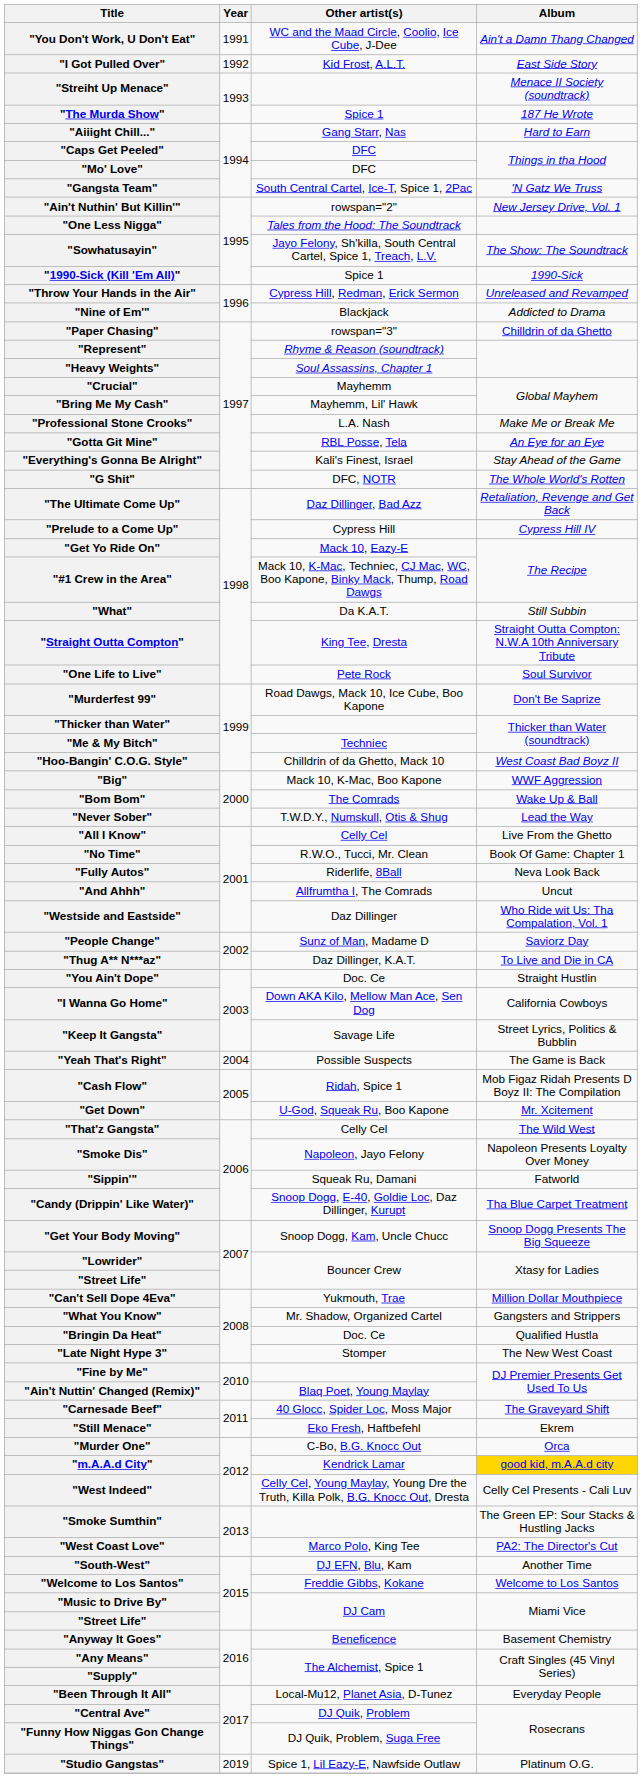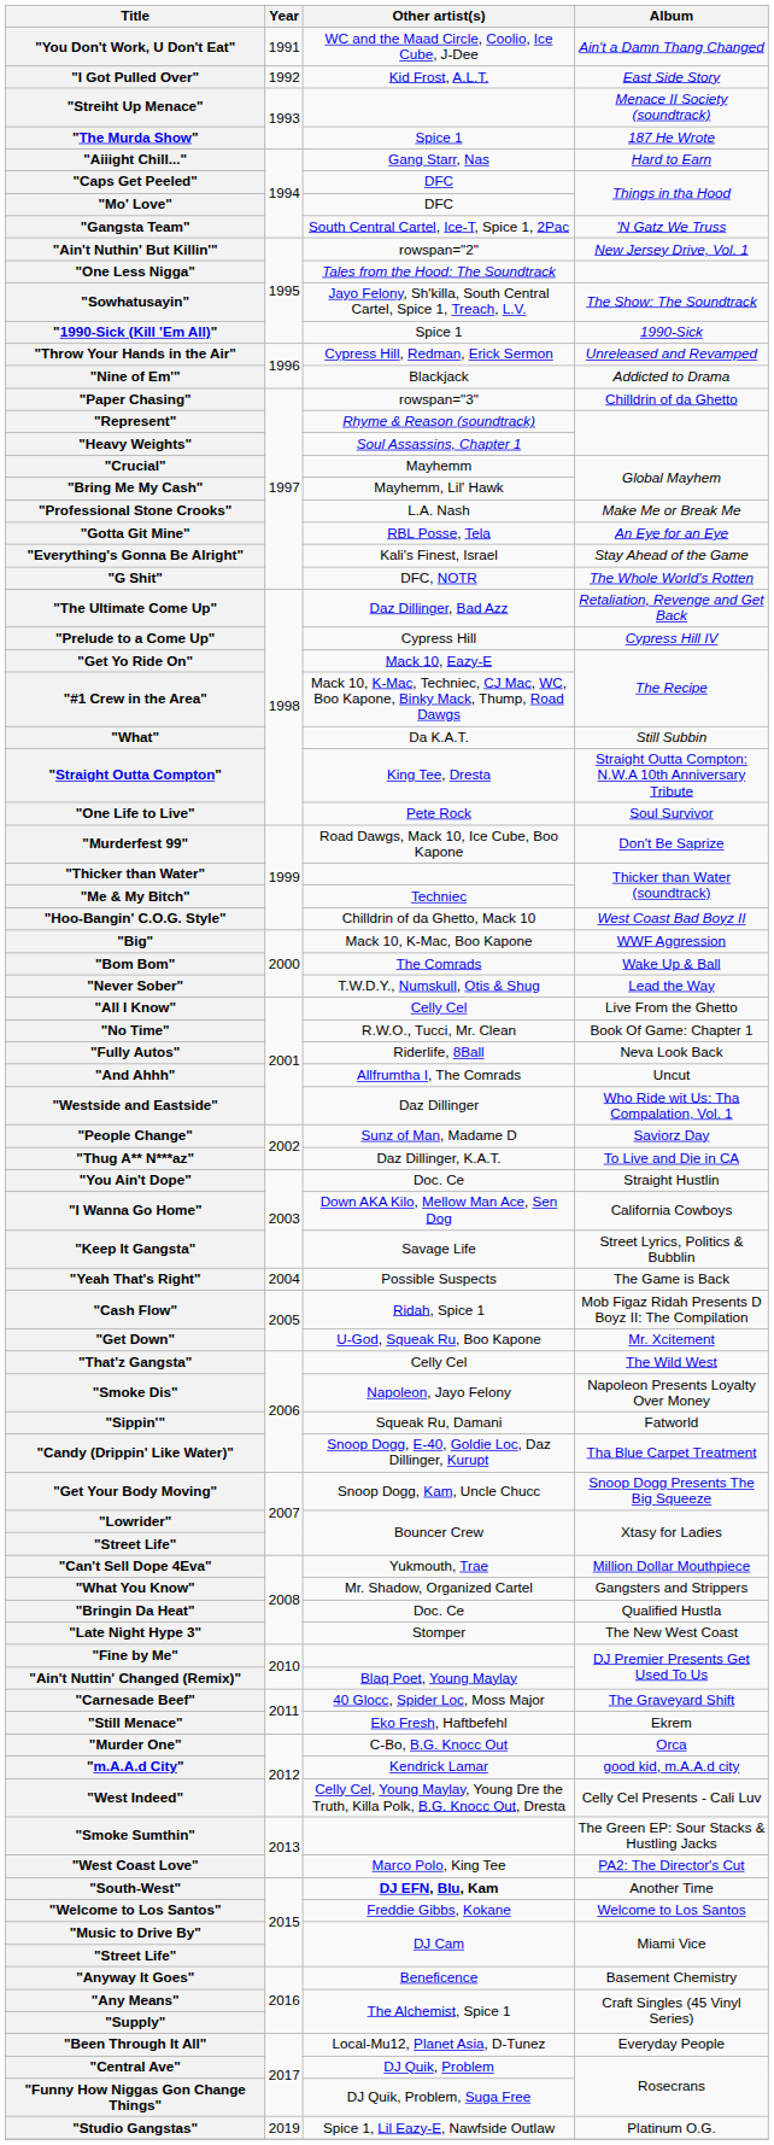 <table class="wikitable plainrowheaders" style="text-align:center;">
 <tr>
 <th scope="col" style="width:18em;">Title</th>
 <th scope="col">Year</th>
 <th scope="col">Other artist(s)</th>
 <th scope="col">Album</th>
 </tr>
 <tr>
 <th scope="row">"You Don't Work, U Don't Eat"</th>
 <td>1991</td>
 <td><a href='#'>WC and the Maad Circle</a>, <a href='#'>Coolio</a>, <a href='#'>Ice Cube</a>, J-Dee</td>
 <td><em><a href='#'>Ain't a Damn Thang Changed</a></em></td>
 </tr>
 <tr>
 <th scope="row">"I Got Pulled Over"</th>
 <td>1992</td>
 <td><a href='#'>Kid Frost</a>, <a href='#'>A.L.T.</a></td>
 <td><em><a href='#'>East Side Story</a></em></td>
 </tr>
 <tr>
 <th scope="row">"Streiht Up Menace"</th>
 <td rowspan="2">1993</td>
 <td></td>
 <td><em><a href='#'>Menace II Society (soundtrack)</a></em></td>
 </tr>
 <tr>
 <th scope="row">"<a href='#'>The Murda Show</a>"</th>
 <td><a href='#'>Spice 1</a></td>
 <td><em><a href='#'>187 He Wrote</a></em></td>
 </tr>
 <tr>
 <th scope="row">"Aiiight Chill..."</th>
 <td rowspan="4">1994</td>
 <td><a href='#'>Gang Starr</a>, <a href='#'>Nas</a></td>
 <td><em><a href='#'>Hard to Earn</a></em></td>
 </tr>
 <tr>
 <th scope="row">"Caps Get Peeled"</th>
 <td><a href='#'>DFC</a></td>
 <td rowspan="2"><em><a href='#'>Things in tha Hood</a></em></td>
 </tr>
 <tr>
 <th scope="row">"Mo' Love"</th>
 <td>DFC</td>
 </tr>
 <tr>
 <th scope="row">"Gangsta Team"</th>
 <td><a href='#'>South Central Cartel</a>, <a href='#'>Ice-T</a>, Spice 1, <a href='#'>2Pac</a></td>
 <td><em><a href='#'>'N Gatz We Truss</a></em></td>
 </tr>
 <tr>
 <th scope="row">"Ain't Nuthin' But Killin'"</th>
 <td rowspan="4">1995</td>
 <td>rowspan="2" </td>
 <td><em><a href='#'>New Jersey Drive, Vol. 1</a></em></td>
 </tr>
 <tr>
 <th scope="row">"One Less Nigga"</th>
 <td><em><a href='#'>Tales from the Hood: The Soundtrack</a></em></td>
 </tr>
 <tr>
 <th scope="row">"Sowhatusayin"</th>
 <td><a href='#'>Jayo Felony</a>, Sh'killa, South Central Cartel, Spice 1, <a href='#'>Treach</a>, <a href='#'>L.V.</a></td>
 <td><em><a href='#'>The Show: The Soundtrack</a></em></td>
 </tr>
 <tr>
 <th scope="row">"<a href='#'>1990-Sick (Kill 'Em All)</a>"</th>
 <td>Spice 1</td>
 <td><em><a href='#'>1990-Sick</a></em></td>
 </tr>
 <tr>
 <th scope="row">"Throw Your Hands in the Air"</th>
 <td rowspan="2">1996</td>
 <td><a href='#'>Cypress Hill</a>, <a href='#'>Redman</a>, <a href='#'>Erick Sermon</a></td>
 <td><em><a href='#'>Unreleased and Revamped</a></em></td>
 </tr>
 <tr>
 <th scope="row">"Nine of Em'"</th>
 <td>Blackjack</td>
 <td><em>Addicted to Drama</em></td>
 </tr>
 <tr>
 <th scope="row">"Paper Chasing"</th>
 <td rowspan="9">1997</td>
 <td>rowspan="3" </td>
 <td></em><a href='#'>Chilldrin of da Ghetto</a><em></td>
 </tr>
 <tr>
 <th scope="row">"Represent"</th>
 <td><em><a href='#'>Rhyme & Reason (soundtrack)</a></em></td>
 </tr>
 <tr>
 <th scope="row">"Heavy Weights"</th>
 <td><em><a href='#'>Soul Assassins, Chapter 1</a></em></td>
 </tr>
 <tr>
 <th scope="row">"Crucial"</th>
 <td>Mayhemm</td>
 <td rowspan="2"><em>Global Mayhem</em></td>
 </tr>
 <tr>
 <th scope="row">"Bring Me My Cash"</th>
 <td>Mayhemm, Lil' Hawk</td>
 </tr>
 <tr>
 <th scope="row">"Professional Stone Crooks"</th>
 <td>L.A. Nash</td>
 <td><em>Make Me or Break Me</em></td>
 </tr>
 <tr>
 <th scope="row">"Gotta Git Mine"</th>
 <td><a href='#'>RBL Posse</a>, <a href='#'>Tela</a></td>
 <td><em><a href='#'>An Eye for an Eye</a></em></td>
 </tr>
 <tr>
 <th scope="row">"Everything's Gonna Be Alright"</th>
 <td>Kali's Finest, Israel</td>
 <td><em>Stay Ahead of the Game</em></td>
 </tr>
 <tr>
 <th scope="row">"G Shit"</th>
 <td>DFC, <a href='#'>NOTR</a></td>
 <td><em><a href='#'>The Whole World's Rotten</a></em></td>
 </tr>
 <tr>
 <th scope="row">"The Ultimate Come Up"</th>
 <td rowspan="7">1998</td>
 <td><a href='#'>Daz Dillinger</a>, <a href='#'>Bad Azz</a></td>
 <td><em><a href='#'>Retaliation, Revenge and Get Back</a></em></td>
 </tr>
 <tr>
 <th scope="row">"Prelude to a Come Up"</th>
 <td>Cypress Hill</td>
 <td><em><a href='#'>Cypress Hill IV</a></em></td>
 </tr>
 <tr>
 <th scope="row">"Get Yo Ride On"</th>
 <td><a href='#'>Mack 10</a>, <a href='#'>Eazy-E</a></td>
 <td rowspan="2"><em><a href='#'>The Recipe</a></em></td>
 </tr>
 <tr>
 <th scope="row">"#1 Crew in the Area"</th>
 <td>Mack 10, <a href='#'>K-Mac</a>, Techniec, <a href='#'>CJ Mac</a>, <a href='#'>WC</a>, Boo Kapone, <a href='#'>Binky Mack</a>, Thump, <a href='#'>Road Dawgs</a></td>
 </tr>
 <tr>
 <th scope="row">"What"</th>
 <td>Da K.A.T.</td>
 <td><em>Still Subbin<strong></td>
 </tr>
 <tr>
 <th scope="row">"<a href='#'>Straight Outta Compton</a>"</th>
 <td><a href='#'>King Tee</a>, <a href='#'>Dresta</a></td>
 <td></em><a href='#'>Straight Outta Compton: N.W.A 10th Anniversary Tribute</a><em></td>
 </tr>
 <tr>
 <th scope="row">"One Life to Live"</th>
 <td><a href='#'>Pete Rock</a></td>
 <td></em><a href='#'>Soul Survivor</a><em></td>
 </tr>
 <tr>
 <th scope="row">"Murderfest 99"</th>
 <td rowspan="4">1999</td>
 <td>Road Dawgs, Mack 10, Ice Cube, Boo Kapone</td>
 <td></em><a href='#'>Don't Be Saprize</a><em></td>
 </tr>
 <tr>
 <th scope="row">"Thicker than Water"</th>
 <td></td>
 <td rowspan="2"></em><a href='#'>Thicker than Water (soundtrack)</a><em></td>
 </tr>
 <tr>
 <th scope="row">"Me & My Bitch"</th>
 <td><a href='#'>Techniec</a></td>
 </tr>
 <tr>
 <th scope="row">"Hoo-Bangin' C.O.G. Style"</th>
 <td>Chilldrin of da Ghetto, Mack 10</td>
 <td><em><a href='#'>West Coast Bad Boyz II</a></em></td>
 </tr>
 <tr>
 <th scope="row">"Big"</th>
 <td rowspan="3">2000</td>
 <td>Mack 10, K-Mac, Boo Kapone</td>
 <td></em><a href='#'>WWF Aggression</a><em></td>
 </tr>
 <tr>
 <th scope="row">"Bom Bom"</th>
 <td><a href='#'>The Comrads</a></td>
 <td></em><a href='#'>Wake Up & Ball</a><em></td>
 </tr>
 <tr>
 <th scope="row">"Never Sober"</th>
 <td>T.W.D.Y., <a href='#'>Numskull</a>, <a href='#'>Otis & Shug</a></td>
 <td></em><a href='#'>Lead the Way</a><em></td>
 </tr>
 <tr>
 <th scope="row">"All I Know"</th>
 <td rowspan="5">2001</td>
 <td><a href='#'>Celly Cel</a></td>
 <td></em>Live From the Ghetto<em></td>
 </tr>
 <tr>
 <th scope="row">"No Time"</th>
 <td>R.W.O., Tucci, Mr. Clean</td>
 <td></em>Book Of Game: Chapter 1<em></td>
 </tr>
 <tr>
 <th scope="row">"Fully Autos"</th>
 <td>Riderlife, <a href='#'>8Ball</a></td>
 <td></em>Neva Look Back<em></td>
 </tr>
 <tr>
 <th scope="row">"And Ahhh"</th>
 <td><a href='#'>Allfrumtha I</a>, The Comrads</td>
 <td></em>Uncut<em></td>
 </tr>
 <tr>
 <th scope="row">"Westside and Eastside"</th>
 <td>Daz Dillinger</td>
 <td></em><a href='#'>Who Ride wit Us: Tha Compalation, Vol. 1</a><em></td>
 </tr>
 <tr>
 <th scope="row">"People Change"</th>
 <td rowspan="2">2002</td>
 <td><a href='#'>Sunz of Man</a>, Madame D</td>
 <td></em><a href='#'>Saviorz Day</a><em></td>
 </tr>
 <tr>
 <th scope="row">"Thug A** N***az"</th>
 <td>Daz Dillinger, K.A.T.</td>
 <td></em><a href='#'>To Live and Die in CA</a><em></td>
 </tr>
 <tr>
 <th scope="row">"You Ain't Dope"</th>
 <td rowspan="3">2003</td>
 <td>Doc. Ce</td>
 <td></em>Straight Hustlin<em></td>
 </tr>
 <tr>
 <th scope="row">"I Wanna Go Home"</th>
 <td><a href='#'>Down AKA Kilo</a>, <a href='#'>Mellow Man Ace</a>, <a href='#'>Sen Dog</a></td>
 <td></em>California Cowboys<em></td>
 </tr>
 <tr>
 <th scope="row">"Keep It Gangsta"</th>
 <td>Savage Life</td>
 <td></em>Street Lyrics, Politics & Bubblin<em></td>
 </tr>
 <tr>
 <th scope="row">"Yeah That's Right"</th>
 <td>2004</td>
 <td>Possible Suspects</td>
 <td></em>The Game is Back<em></td>
 </tr>
 <tr>
 <th scope="row">"Cash Flow"</th>
 <td rowspan="2">2005</td>
 <td><a href='#'>Ridah</a>, Spice 1</td>
 <td></em>Mob Figaz Ridah Presents D Boyz II: The Compilation<em></td>
 </tr>
 <tr>
 <th scope="row">"Get Down"</th>
 <td><a href='#'>U-God</a>, <a href='#'>Squeak Ru</a>, Boo Kapone</td>
 <td></em><a href='#'>Mr. Xcitement</a><em></td>
 </tr>
 <tr>
 <th scope="row">"That'z Gangsta"</th>
 <td rowspan="4">2006</td>
 <td>Celly Cel</td>
 <td></em><a href='#'>The Wild West</a><em></td>
 </tr>
 <tr>
 <th scope="row">"Smoke Dis"</th>
 <td><a href='#'>Napoleon</a>, Jayo Felony</td>
 <td></em>Napoleon Presents Loyalty Over Money<em></td>
 </tr>
 <tr>
 <th scope="row">"Sippin'"</th>
 <td>Squeak Ru, Damani</td>
 <td></em>Fatworld<em></td>
 </tr>
 <tr>
 <th scope="row">"Candy (Drippin' Like Water)"</th>
 <td><a href='#'>Snoop Dogg</a>, <a href='#'>E-40</a>, <a href='#'>Goldie Loc</a>, Daz Dillinger, <a href='#'>Kurupt</a></td>
 <td></em><a href='#'>Tha Blue Carpet Treatment</a><em></td>
 </tr>
 <tr>
 <th scope="row">"Get Your Body Moving"</th>
 <td rowspan="3">2007</td>
 <td>Snoop Dogg, <a href='#'>Kam</a>, Uncle Chucc</td>
 <td></em><a href='#'>Snoop Dogg Presents The Big Squeeze</a><em></td>
 </tr>
 <tr>
 <th scope="row">"Lowrider"</th>
 <td rowspan="2">Bouncer Crew</td>
 <td rowspan="2"></em>Xtasy for Ladies<em></td>
 </tr>
 <tr>
 <th scope="row">"Street Life"</th>
 </tr>
 <tr>
 <th scope="row">"Can't Sell Dope 4Eva"</th>
 <td rowspan="4">2008</td>
 <td>Yukmouth, <a href='#'>Trae</a></td>
 <td></em><a href='#'>Million Dollar Mouthpiece</a><em></td>
 </tr>
 <tr>
 <th scope="row">"What You Know"</th>
 <td>Mr. Shadow, Organized Cartel</td>
 <td></em>Gangsters and Strippers<em></td>
 </tr>
 <tr>
 <th scope="row">"Bringin Da Heat"</th>
 <td>Doc. Ce</td>
 <td></em>Qualified Hustla<em></td>
 </tr>
 <tr>
 <th scope="row">"Late Night Hype 3"</th>
 <td>Stomper</td>
 <td></em>The New West Coast<em></td>
 </tr>
 <tr>
 <th scope="row">"Fine by Me"</th>
 <td rowspan="2">2010</td>
 <td></td>
 <td rowspan="2"></em><a href='#'>DJ Premier Presents Get Used To Us</a><em></td>
 </tr>
 <tr>
 <th scope="row">"Ain't Nuttin' Changed (Remix)"</th>
 <td><a href='#'>Blaq Poet</a>, <a href='#'>Young Maylay</a></td>
 </tr>
 <tr>
 <th scope="row">"Carnesade Beef"</th>
 <td rowspan="2">2011</td>
 <td><a href='#'>40 Glocc</a>, <a href='#'>Spider Loc</a>, Moss Major</td>
 <td></em><a href='#'>The Graveyard Shift</a><em></td>
 </tr>
 <tr>
 <th scope="row">"Still Menace"</th>
 <td><a href='#'>Eko Fresh</a>, Haftbefehl</td>
 <td></em>Ekrem<em></td>
 </tr>
 <tr>
 <th scope="row">"Murder One"</th>
 <td rowspan="3">2012</td>
 <td>C-Bo, <a href='#'>B.G. Knocc Out</a></td>
 <td></em><a href='#'>Orca</a><em></td>
 </tr>
 <tr>
 <th scope="row">"<a href='#'>m.A.A.d City</a>"</th>
 <td><a href='#'>Kendrick Lamar</a></td>
-<td style="background: gold;"></em><a href='#'>good kid, m.A.A.d city</a><em></td>
+<td></em><a href='#'>good kid, m.A.A.d city</a><em></td>
 </tr>
 <tr>
 <th scope="row">"West Indeed"</th>
 <td><a href='#'>Celly Cel</a>, <a href='#'>Young Maylay</a>, Young Dre the Truth, Killa Polk, <a href='#'>B.G. Knocc Out</a>, Dresta</td>
 <td></em>Celly Cel Presents - Cali Luv<em></td>
 </tr>
 <tr>
 <th scope="row">"Smoke Sumthin"</th>
 <td rowspan="2">2013</td>
 <td></td>
 <td></em>The Green EP: Sour Stacks & Hustling Jacks<em></td>
 </tr>
 <tr>
 <th scope="row">"West Coast Love"</th>
 <td><a href='#'>Marco Polo</a>, King Tee</td>
 <td></em><a href='#'>PA2: The Director's Cut</a><em></td>
 </tr>
 <tr>
 <th scope="row">"South-West"</th>
 <td rowspan="4">2015</td>
-<td><a href='#'>DJ EFN</a>, <a href='#'>Blu</a>, Kam</td>
+<td><strong><a href='#'>DJ EFN</a>, <a href='#'>Blu</a>, Kam</strong></td>
 <td></em>Another Time<em></td>
 </tr>
 <tr>
 <th scope="row">"Welcome to Los Santos"</th>
 <td><a href='#'>Freddie Gibbs</a>, <a href='#'>Kokane</a></td>
 <td></em><a href='#'>Welcome to Los Santos</a><em></td>
 </tr>
 <tr>
 <th scope="row">"Music to Drive By"</th>
 <td rowspan="2"><a href='#'>DJ Cam</a></td>
 <td rowspan="2"></em>Miami Vice<em></td>
 </tr>
 <tr>
 <th scope="row">"Street Life"</th>
 </tr>
 <tr>
 <th scope="row">"Anyway It Goes"</th>
 <td rowspan="3">2016</td>
 <td><a href='#'>Beneficence</a></td>
 <td></em>Basement Chemistry<em></td>
 </tr>
 <tr>
 <th scope="row">"Any Means"</th>
 <td rowspan="2"><a href='#'>The Alchemist</a>, Spice 1</td>
 <td rowspan="2"></em>Craft Singles (45 Vinyl Series)<em></td>
 </tr>
 <tr>
 <th scope="row">"Supply"</th>
 </tr>
 <tr>
 <th scope="row">"Been Through It All"</th>
 <td rowspan="3">2017</td>
 <td>Local-Mu12, <a href='#'>Planet Asia</a>, D-Tunez</td>
 <td></em>Everyday People<em></td>
 </tr>
 <tr>
 <th scope="row">"Central Ave"</th>
 <td><a href='#'>DJ Quik</a>, <a href='#'>Problem</a></td>
 <td rowspan="2"></em>Rosecrans<em></td>
 </tr>
 <tr>
 <th scope="row">"Funny How Niggas Gon Change Things"</th>
 <td>DJ Quik, Problem, <a href='#'>Suga Free</a></td>
 </tr>
 <tr>
 <th scope="row">"Studio Gangstas"</th>
 <td>2019</td>
 <td>Spice 1, <a href='#'>Lil Eazy-E</a>, Nawfside Outlaw</td>
 <td></em>Platinum O.G.<em></td>
 </tr>
 <tr>
 </tr>
 </table>
